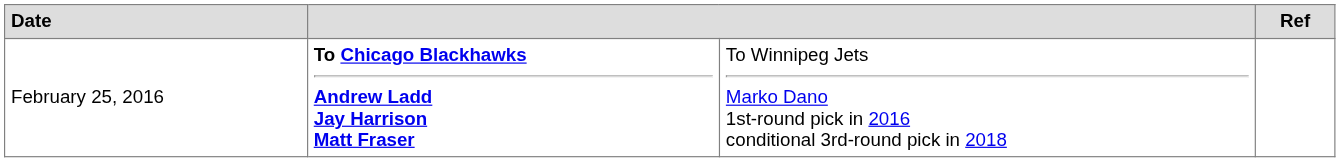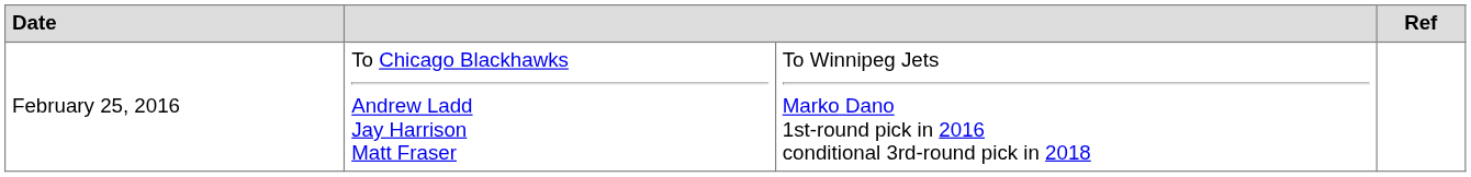 <table border="1"  cellpadding="5" style="border-collapse:collapse; width:90%;">
 <tr style="background:#ddd;">
 <td><strong>Date</strong></td>
 <th colspan="2"></th>
 <th><strong>Ref</strong></th>
 </tr>
 <tr>
 <td>February 25, 2016</td>
-<td valign="top"><strong>To <a href='#'>Chicago Blackhawks</a><hr><a href='#'>Andrew Ladd</a><br><a href='#'>Jay Harrison</a><br><a href='#'>Matt Fraser</a></strong></td>
+<td valign="top">To <a href='#'>Chicago Blackhawks</a><hr><a href='#'>Andrew Ladd</a><br><a href='#'>Jay Harrison</a><br><a href='#'>Matt Fraser</a></td>
 <td valign="top">To Winnipeg Jets<hr><a href='#'>Marko Dano</a><br>1st-round pick in <a href='#'>2016</a><br>conditional 3rd-round pick in <a href='#'>2018</a></td>
 <td></td>
 </tr>
 </table>
